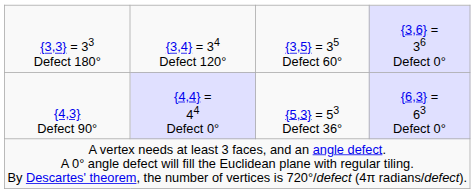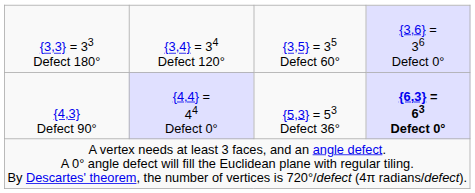 <table class=wikitable align=right style="text-align:center;">
 <tr valign=bottom>
 <td><br><a href='#'>{3,3}</a> = 3<sup>3</sup><br>Defect 180°</td>
 <td><br><a href='#'>{3,4}</a> = 3<sup>4</sup><br>Defect 120°</td>
 <td><br><a href='#'>{3,5}</a> = 3<sup>5</sup><br>Defect 60°</td>
 <td BGCOLOR="#e0e0ff"><br><a href='#'>{3,6}</a> =<br>3<sup>6</sup><br>Defect 0°</td>
 </tr>
 <tr valign=bottom>
 <td><br><a href='#'>{4,3}</a><br>Defect 90°</td>
 <td BGCOLOR="#e0e0ff"><br><a href='#'>{4,4}</a> =<br>4<sup>4</sup><br>Defect 0°</td>
 <td><br><a href='#'>{5,3}</a> = 5<sup>3</sup><br>Defect 36°</td>
-<td BGCOLOR="#e0e0ff"><br><a href='#'>{6,3}</a> =<br>6<sup>3</sup><br>Defect 0°</td>
+<td BGCOLOR="#e0e0ff"><strong><br><a href='#'>{6,3}</a> =<br>6<sup>3</sup><br>Defect 0°</strong></td>
 </tr>
 <tr>
 <td colspan=4>A vertex needs at least 3 faces, and an <a href='#'>angle defect</a>.<br>A 0° angle defect will fill the Euclidean plane with regular tiling.<br>By <a href='#'>Descartes' theorem</a>, the number of vertices is 720°/<em>defect</em> (4π radians/<em>defect</em>).</td>
 </tr>
 </table>
